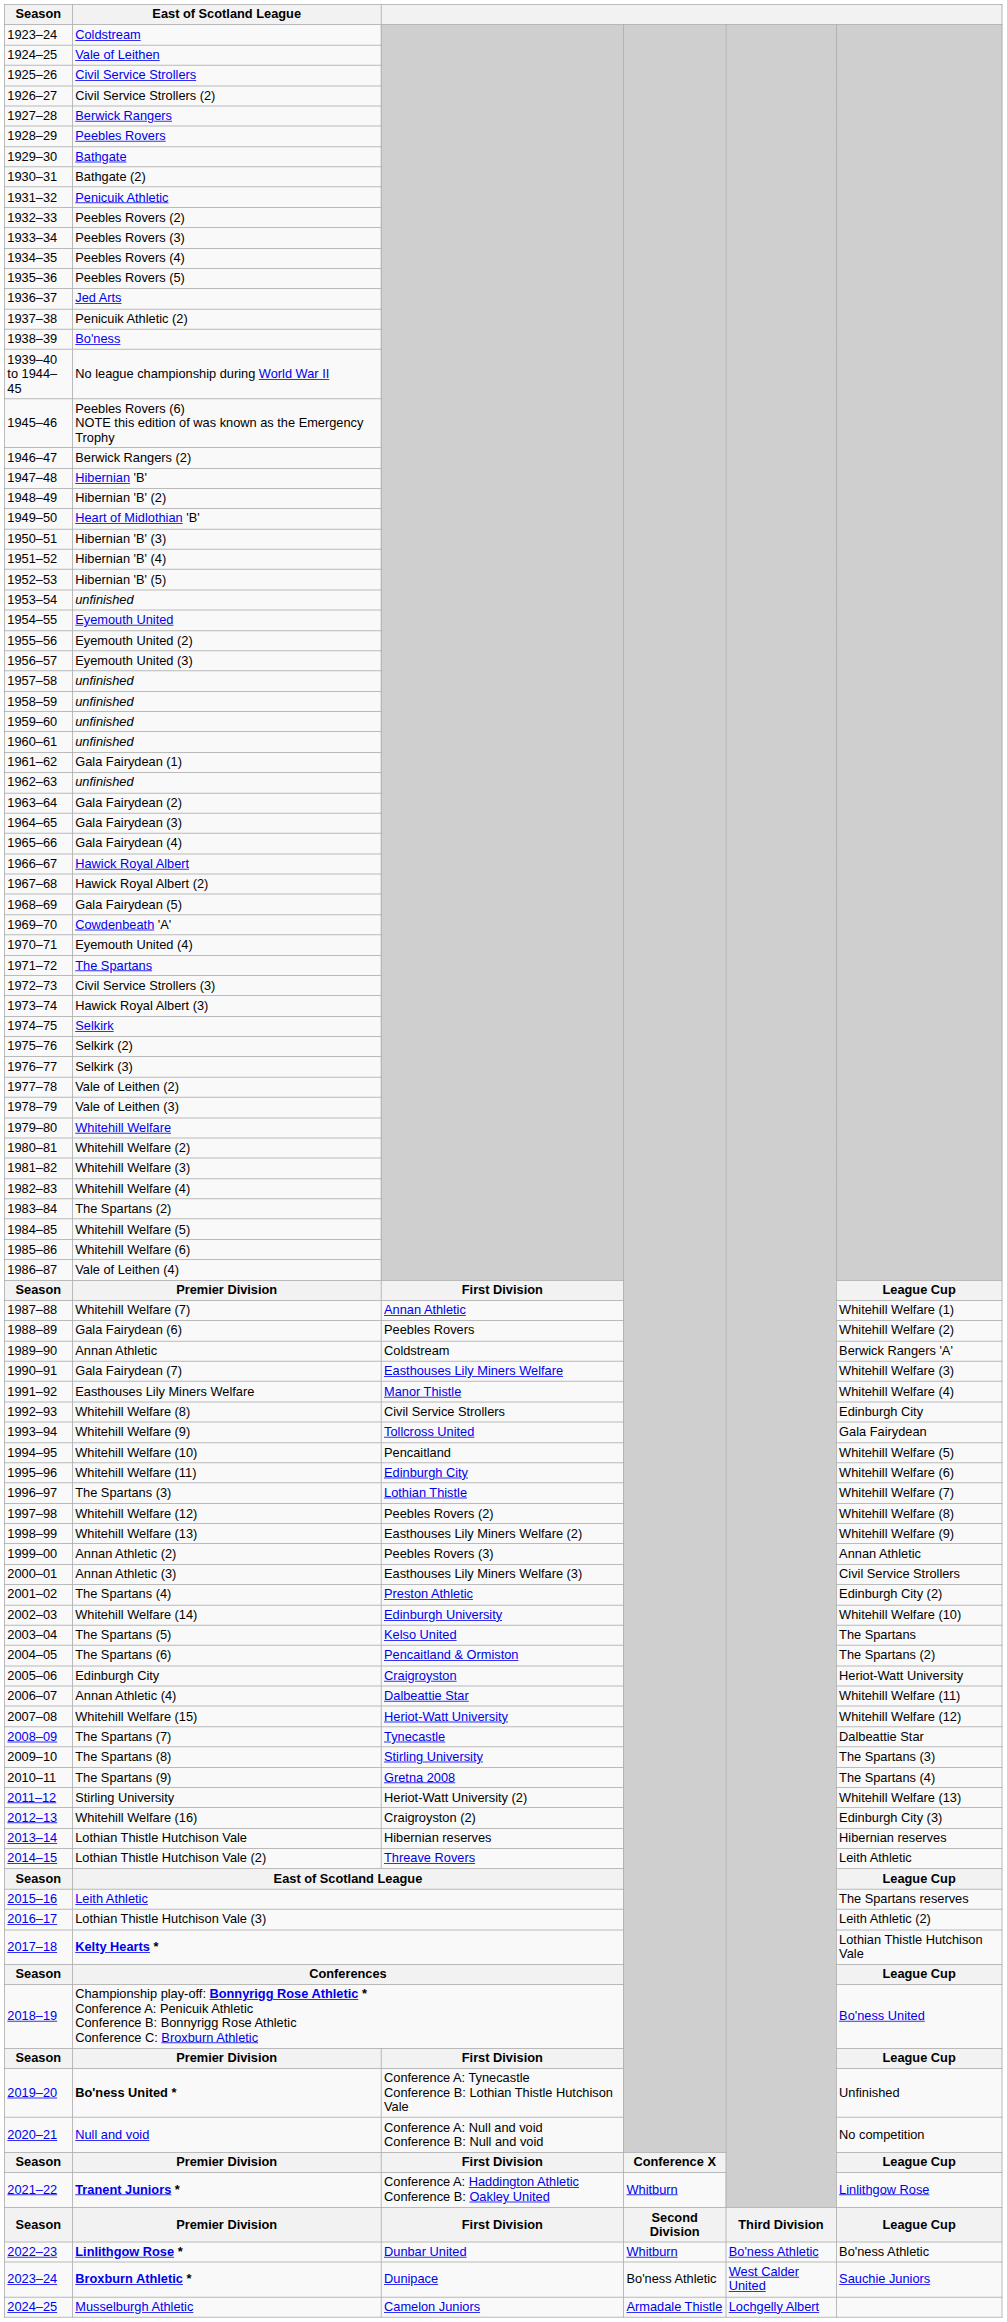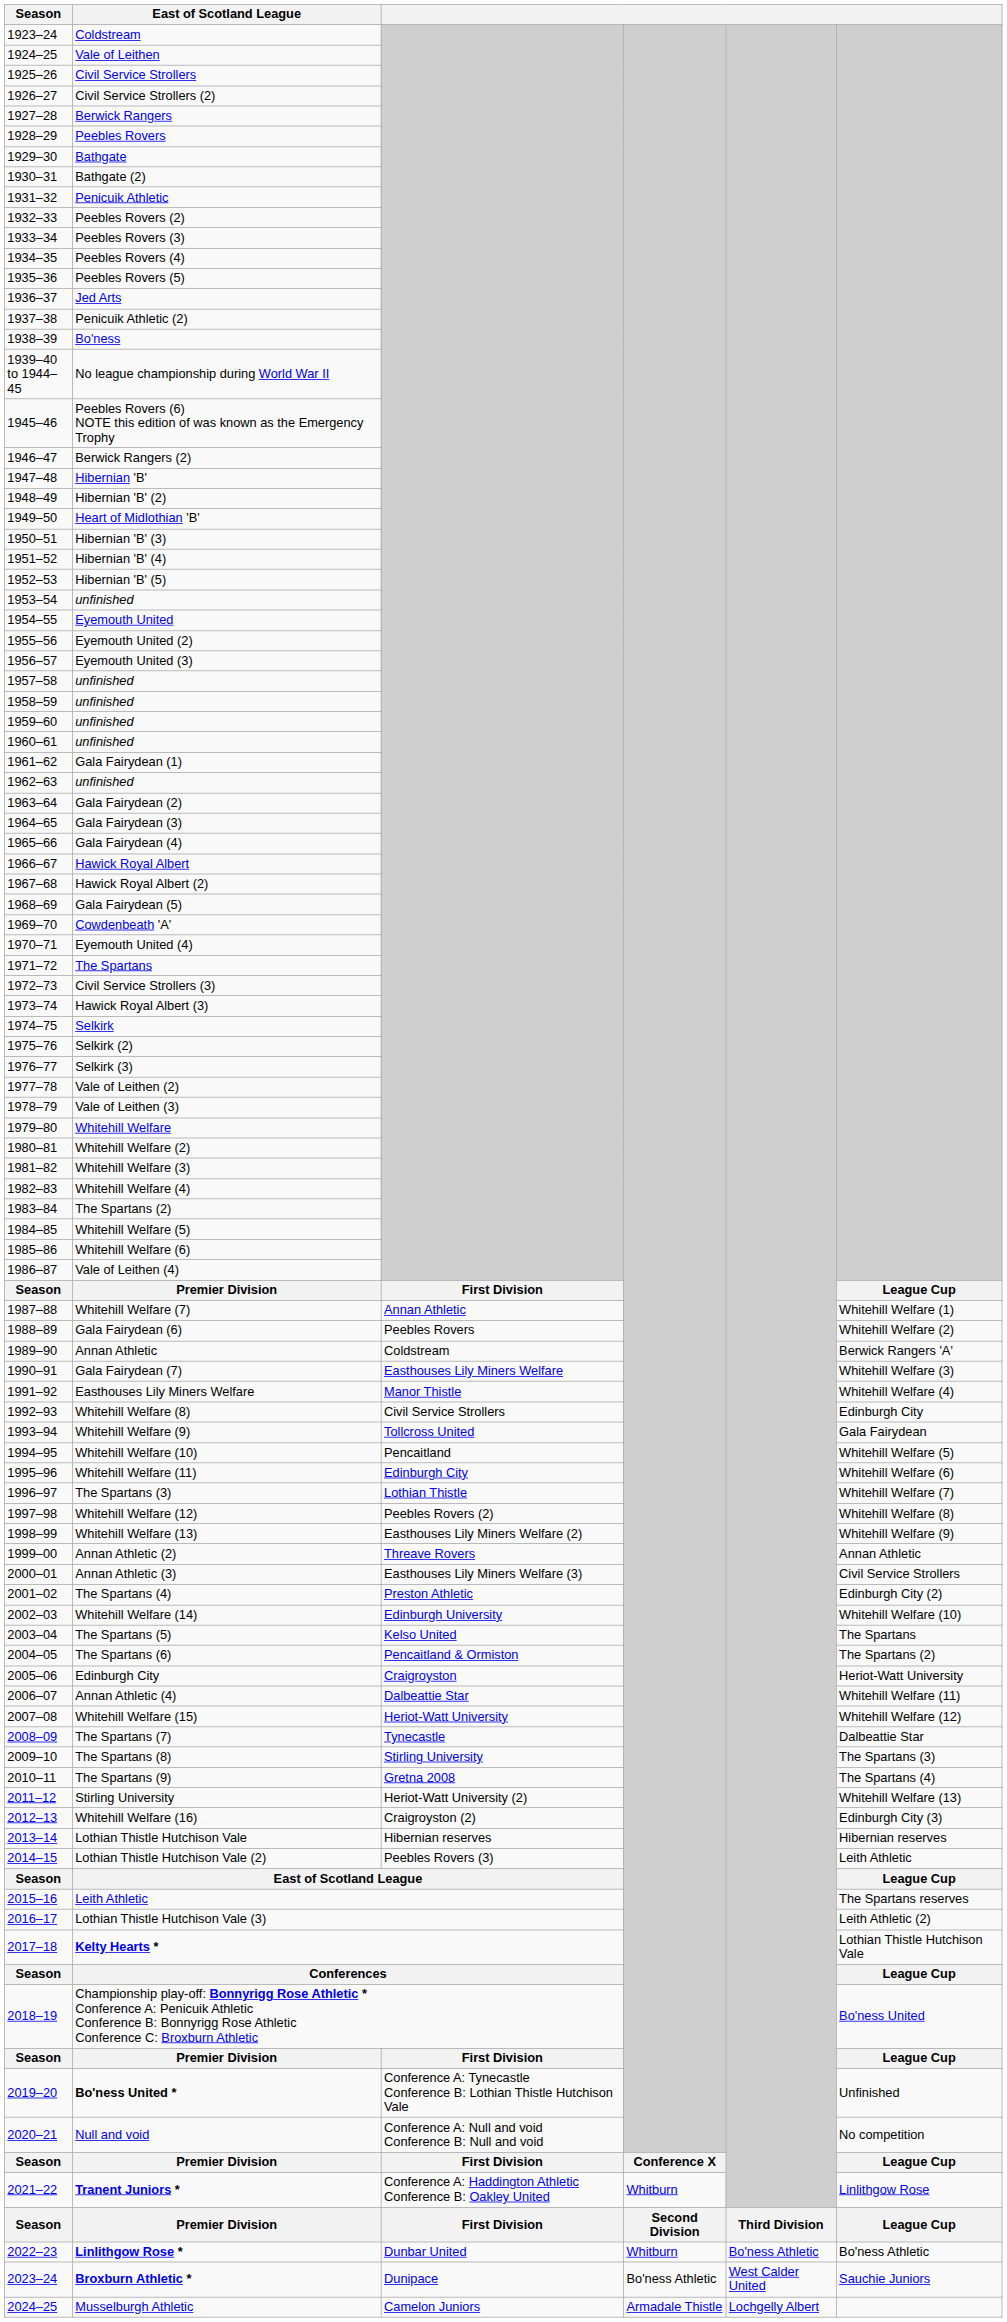 <table class="wikitable">
 <tr>
 <th>Season</th>
 <th>East of Scotland League</th>
 <th colspan=4></th>
 </tr>
 <tr>
 <td>1923–24</td>
 <td><a href='#'>Coldstream</a></td>
 <td rowspan="59" style="background-color: #cfcfcf"></td>
 <td rowspan="97" style="background-color: #cfcfcf"></td>
 <td rowspan="99" style="background-color: #cfcfcf"></td>
 <td rowspan="59" style="background-color: #cfcfcf"></td>
 </tr>
 <tr>
 <td>1924–25</td>
 <td><a href='#'>Vale of Leithen</a></td>
 </tr>
 <tr>
 <td>1925–26</td>
 <td><a href='#'>Civil Service Strollers</a></td>
 </tr>
 <tr>
 <td>1926–27</td>
 <td>Civil Service Strollers (2)</td>
 </tr>
 <tr>
 <td>1927–28</td>
 <td> <a href='#'>Berwick Rangers</a></td>
 </tr>
 <tr>
 <td>1928–29</td>
 <td><a href='#'>Peebles Rovers</a></td>
 </tr>
 <tr>
 <td>1929–30</td>
 <td><a href='#'>Bathgate</a></td>
 </tr>
 <tr>
 <td>1930–31</td>
 <td>Bathgate (2)</td>
 </tr>
 <tr>
 <td>1931–32</td>
 <td><a href='#'>Penicuik Athletic</a></td>
 </tr>
 <tr>
 <td>1932–33</td>
 <td>Peebles Rovers (2)</td>
 </tr>
 <tr>
 <td>1933–34</td>
 <td>Peebles Rovers (3)</td>
 </tr>
 <tr>
 <td>1934–35</td>
 <td>Peebles Rovers (4)</td>
 </tr>
 <tr>
 <td>1935–36</td>
 <td>Peebles Rovers (5)</td>
 </tr>
 <tr>
 <td>1936–37</td>
 <td><a href='#'>Jed Arts</a></td>
 </tr>
 <tr>
 <td>1937–38</td>
 <td>Penicuik Athletic (2)</td>
 </tr>
 <tr>
 <td>1938–39</td>
 <td><a href='#'>Bo'ness</a></td>
 </tr>
 <tr>
 <td>1939–40<br>to 1944–45</td>
 <td>No league championship during <a href='#'>World War II</a></td>
 </tr>
 <tr>
 <td>1945–46</td>
 <td>Peebles Rovers (6)<br>NOTE this edition of was known as the Emergency Trophy</td>
 </tr>
 <tr>
 <td>1946–47</td>
 <td> Berwick Rangers (2)</td>
 </tr>
 <tr>
 <td>1947–48</td>
 <td><a href='#'>Hibernian</a> 'B'</td>
 </tr>
 <tr>
 <td>1948–49</td>
 <td>Hibernian 'B' (2)</td>
 </tr>
 <tr>
 <td>1949–50</td>
 <td><a href='#'>Heart of Midlothian</a> 'B'</td>
 </tr>
 <tr>
 <td>1950–51</td>
 <td>Hibernian 'B'  (3)</td>
 </tr>
 <tr>
 <td>1951–52</td>
 <td>Hibernian 'B'  (4)</td>
 </tr>
 <tr>
 <td>1952–53</td>
 <td>Hibernian 'B'  (5)</td>
 </tr>
 <tr>
 <td>1953–54</td>
 <td><em>unfinished</em></td>
 </tr>
 <tr>
 <td>1954–55</td>
 <td><a href='#'>Eyemouth United</a></td>
 </tr>
 <tr>
 <td>1955–56</td>
 <td>Eyemouth United (2)</td>
 </tr>
 <tr>
 <td>1956–57</td>
 <td>Eyemouth United (3)</td>
 </tr>
 <tr>
 <td>1957–58</td>
 <td><em>unfinished</em></td>
 </tr>
 <tr>
 <td>1958–59</td>
 <td><em>unfinished</em></td>
 </tr>
 <tr>
 <td>1959–60</td>
 <td><em>unfinished</em></td>
 </tr>
 <tr>
 <td>1960–61</td>
 <td><em>unfinished</em></td>
 </tr>
 <tr>
 <td>1961–62</td>
 <td>Gala Fairydean (1)</td>
 </tr>
 <tr>
 <td>1962–63</td>
 <td><em>unfinished</em></td>
 </tr>
 <tr>
 <td>1963–64</td>
 <td>Gala Fairydean (2)</td>
 </tr>
 <tr>
 <td>1964–65</td>
 <td>Gala Fairydean (3)</td>
 </tr>
 <tr>
 <td>1965–66</td>
 <td>Gala Fairydean (4)</td>
 </tr>
 <tr>
 <td>1966–67</td>
 <td><a href='#'>Hawick Royal Albert</a></td>
 </tr>
 <tr>
 <td>1967–68</td>
 <td>Hawick Royal Albert (2)</td>
 </tr>
 <tr>
 <td>1968–69</td>
 <td>Gala Fairydean (5)</td>
 </tr>
 <tr>
 <td>1969–70</td>
 <td><a href='#'>Cowdenbeath</a> 'A'</td>
 </tr>
 <tr>
 <td>1970–71</td>
 <td>Eyemouth United (4)</td>
 </tr>
 <tr>
 <td>1971–72</td>
 <td><a href='#'>The Spartans</a></td>
 </tr>
 <tr>
 <td>1972–73</td>
 <td>Civil Service Strollers (3)</td>
 </tr>
 <tr>
 <td>1973–74</td>
 <td>Hawick Royal Albert (3)</td>
 </tr>
 <tr>
 <td>1974–75</td>
 <td><a href='#'>Selkirk</a></td>
 </tr>
 <tr>
 <td>1975–76</td>
 <td>Selkirk (2)</td>
 </tr>
 <tr>
 <td>1976–77</td>
 <td>Selkirk (3)</td>
 </tr>
 <tr>
 <td>1977–78</td>
 <td>Vale of Leithen (2)</td>
 </tr>
 <tr>
 <td>1978–79</td>
 <td>Vale of Leithen (3)</td>
 </tr>
 <tr>
 <td>1979–80</td>
 <td><a href='#'>Whitehill Welfare</a></td>
 </tr>
 <tr>
 <td>1980–81</td>
 <td>Whitehill Welfare (2)</td>
 </tr>
 <tr>
 <td>1981–82</td>
 <td>Whitehill Welfare (3)</td>
 </tr>
 <tr>
 <td>1982–83</td>
 <td>Whitehill Welfare (4)</td>
 </tr>
 <tr>
 <td>1983–84</td>
 <td>The Spartans (2)</td>
 </tr>
 <tr>
 <td>1984–85</td>
 <td>Whitehill Welfare (5)</td>
 </tr>
 <tr>
 <td>1985–86</td>
 <td>Whitehill Welfare (6)</td>
 </tr>
 <tr>
 <td>1986–87</td>
 <td>Vale of Leithen (4)</td>
 </tr>
 <tr>
 <th>Season</th>
 <th>Premier Division</th>
 <th>First Division</th>
 <th>League Cup</th>
 </tr>
 <tr>
 <td>1987–88</td>
 <td>Whitehill Welfare (7)</td>
 <td><a href='#'>Annan Athletic</a></td>
 <td>Whitehill Welfare (1)</td>
 </tr>
 <tr>
 <td>1988–89</td>
 <td>Gala Fairydean (6)</td>
 <td>Peebles Rovers</td>
 <td>Whitehill Welfare (2)</td>
 </tr>
 <tr>
 <td>1989–90</td>
 <td>Annan Athletic</td>
 <td>Coldstream</td>
 <td>Berwick Rangers 'A'</td>
 </tr>
 <tr>
 <td>1990–91</td>
 <td>Gala Fairydean (7)</td>
 <td><a href='#'>Easthouses Lily Miners Welfare</a></td>
 <td>Whitehill Welfare (3)</td>
 </tr>
 <tr>
 <td>1991–92</td>
 <td>Easthouses Lily Miners Welfare</td>
 <td><a href='#'>Manor Thistle</a></td>
 <td>Whitehill Welfare (4)</td>
 </tr>
 <tr>
 <td>1992–93</td>
 <td>Whitehill Welfare (8)</td>
 <td>Civil Service Strollers</td>
 <td>Edinburgh City</td>
 </tr>
 <tr>
 <td>1993–94</td>
 <td>Whitehill Welfare (9)</td>
 <td><a href='#'>Tollcross United</a></td>
 <td>Gala Fairydean</td>
 </tr>
 <tr>
 <td>1994–95</td>
 <td>Whitehill Welfare (10)</td>
 <td>Pencaitland</td>
 <td>Whitehill Welfare (5)</td>
 </tr>
 <tr>
 <td>1995–96</td>
 <td>Whitehill Welfare (11)</td>
 <td><a href='#'>Edinburgh City</a></td>
 <td>Whitehill Welfare (6)</td>
 </tr>
 <tr>
 <td>1996–97</td>
 <td>The Spartans (3)</td>
 <td><a href='#'>Lothian Thistle</a></td>
 <td>Whitehill Welfare (7)</td>
 </tr>
 <tr>
 <td>1997–98</td>
 <td>Whitehill Welfare (12)</td>
 <td>Peebles Rovers (2)</td>
 <td>Whitehill Welfare (8)</td>
 </tr>
 <tr>
 <td>1998–99</td>
 <td>Whitehill Welfare (13)</td>
 <td>Easthouses Lily Miners Welfare (2)</td>
 <td>Whitehill Welfare (9)</td>
 </tr>
 <tr>
 <td>1999–00</td>
 <td>Annan Athletic (2)</td>
-<td>Peebles Rovers (3)</td>
+<td><a href='#'>Threave Rovers</a></td>
 <td>Annan Athletic</td>
 </tr>
 <tr>
 <td>2000–01</td>
 <td>Annan Athletic (3)</td>
 <td>Easthouses Lily Miners Welfare (3)</td>
 <td>Civil Service Strollers</td>
 </tr>
 <tr>
 <td>2001–02</td>
 <td>The Spartans (4)</td>
 <td><a href='#'>Preston Athletic</a></td>
 <td>Edinburgh City (2)</td>
 </tr>
 <tr>
 <td>2002–03</td>
 <td>Whitehill Welfare (14)</td>
 <td><a href='#'>Edinburgh University</a></td>
 <td>Whitehill Welfare (10)</td>
 </tr>
 <tr>
 <td>2003–04</td>
 <td>The Spartans (5)</td>
 <td><a href='#'>Kelso United</a></td>
 <td>The Spartans</td>
 </tr>
 <tr>
 <td>2004–05</td>
 <td>The Spartans (6)</td>
 <td><a href='#'>Pencaitland & Ormiston</a></td>
 <td>The Spartans (2)</td>
 </tr>
 <tr>
 <td>2005–06</td>
 <td>Edinburgh City</td>
 <td><a href='#'>Craigroyston</a></td>
 <td>Heriot-Watt University</td>
 </tr>
 <tr>
 <td>2006–07</td>
 <td>Annan Athletic (4)</td>
 <td><a href='#'>Dalbeattie Star</a></td>
 <td>Whitehill Welfare (11)</td>
 </tr>
 <tr>
 <td>2007–08</td>
 <td>Whitehill Welfare (15)</td>
 <td><a href='#'>Heriot-Watt University</a></td>
 <td>Whitehill Welfare (12)</td>
 </tr>
 <tr>
 <td><a href='#'>2008–09</a></td>
 <td>The Spartans (7)</td>
 <td><a href='#'>Tynecastle</a></td>
 <td>Dalbeattie Star</td>
 </tr>
 <tr>
 <td>2009–10</td>
 <td>The Spartans (8)</td>
 <td><a href='#'>Stirling University</a></td>
 <td>The Spartans (3)</td>
 </tr>
 <tr>
 <td>2010–11</td>
 <td>The Spartans (9)</td>
 <td><a href='#'>Gretna 2008</a></td>
 <td>The Spartans (4)</td>
 </tr>
 <tr>
 <td><a href='#'>2011–12</a></td>
 <td>Stirling University</td>
 <td>Heriot-Watt University (2)</td>
 <td>Whitehill Welfare (13)</td>
 </tr>
 <tr>
 <td><a href='#'>2012–13</a></td>
 <td>Whitehill Welfare (16)</td>
 <td>Craigroyston (2)</td>
 <td>Edinburgh City (3)</td>
 </tr>
 <tr>
 <td><a href='#'>2013–14</a></td>
 <td>Lothian Thistle Hutchison Vale</td>
 <td>Hibernian reserves</td>
 <td>Hibernian reserves</td>
 </tr>
 <tr>
 <td><a href='#'>2014–15</a></td>
 <td>Lothian Thistle Hutchison Vale (2)</td>
-<td><a href='#'>Threave Rovers</a></td>
+<td>Peebles Rovers (3)</td>
 <td>Leith Athletic</td>
 </tr>
 <tr>
 <th>Season</th>
 <th colspan=2>East of Scotland League</th>
 <th>League Cup</th>
 </tr>
 <tr>
 <td><a href='#'>2015–16</a></td>
 <td colspan=2><a href='#'>Leith Athletic</a></td>
 <td>The Spartans reserves</td>
 </tr>
 <tr>
 <td><a href='#'>2016–17</a></td>
 <td colspan=2>Lothian Thistle Hutchison Vale (3)</td>
 <td>Leith Athletic (2)</td>
 </tr>
 <tr>
 <td><a href='#'>2017–18</a></td>
 <td colspan=2><strong><a href='#'>Kelty Hearts</a> *</strong></td>
 <td>Lothian Thistle Hutchison Vale</td>
 </tr>
 <tr>
 <th>Season</th>
 <th colspan=2>Conferences</th>
 <th>League Cup</th>
 </tr>
 <tr>
 <td><a href='#'>2018–19</a></td>
 <td colspan=2>Championship play-off: <strong><a href='#'>Bonnyrigg Rose Athletic</a> *</strong><br>Conference A: Penicuik Athletic<br> Conference B: Bonnyrigg Rose Athletic<br> Conference C: <a href='#'>Broxburn Athletic</a></td>
 <td><a href='#'>Bo'ness United</a></td>
 </tr>
 <tr>
 <th>Season</th>
 <th>Premier Division</th>
 <th>First Division</th>
 <th>League Cup</th>
 </tr>
 <tr>
 <td><a href='#'>2019–20</a></td>
 <td><strong>Bo'ness United *</strong></td>
 <td>Conference A: Tynecastle<br>Conference B: Lothian Thistle Hutchison Vale</td>
 <td>Unfinished</td>
 </tr>
 <tr>
 <td><a href='#'>2020–21</a></td>
 <td><a href='#'>Null and void</a></td>
 <td>Conference A: Null and void<br>Conference B: Null and void</td>
 <td>No competition</td>
 </tr>
 <tr>
 <th>Season</th>
 <th>Premier Division</th>
 <th>First Division</th>
 <th>Conference X</th>
 <th>League Cup</th>
 </tr>
 <tr>
 <td><a href='#'>2021–22</a></td>
 <td><strong><a href='#'>Tranent Juniors</a> *</strong></td>
 <td>Conference A: <a href='#'>Haddington Athletic</a><br>Conference B: <a href='#'>Oakley United</a></td>
 <td><a href='#'>Whitburn</a></td>
 <td><a href='#'>Linlithgow Rose</a></td>
 </tr>
 <tr>
 <th>Season</th>
 <th>Premier Division</th>
 <th>First Division</th>
 <th>Second Division</th>
 <th>Third Division</th>
 <th>League Cup</th>
 </tr>
 <tr>
 <td><a href='#'>2022–23</a></td>
 <td><strong><a href='#'>Linlithgow Rose</a> *</strong></td>
 <td><a href='#'>Dunbar United</a></td>
 <td><a href='#'>Whitburn</a></td>
 <td><a href='#'>Bo'ness Athletic</a></td>
 <td>Bo'ness Athletic</td>
 </tr>
 <tr>
 <td><a href='#'>2023–24</a></td>
 <td><strong><a href='#'>Broxburn Athletic</a> *</strong></td>
 <td><a href='#'>Dunipace</a></td>
 <td>Bo'ness Athletic</td>
 <td><a href='#'>West Calder United</a></td>
 <td><a href='#'>Sauchie Juniors</a></td>
 </tr>
 <tr>
 <td><a href='#'>2024–25</a></td>
 <td><a href='#'>Musselburgh Athletic</a></td>
 <td><a href='#'>Camelon Juniors</a></td>
 <td><a href='#'>Armadale Thistle</a></td>
 <td><a href='#'>Lochgelly Albert</a></td>
 <td></td>
 </tr>
 </table>
